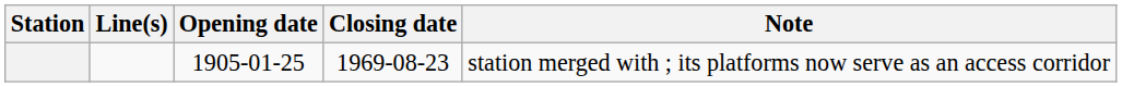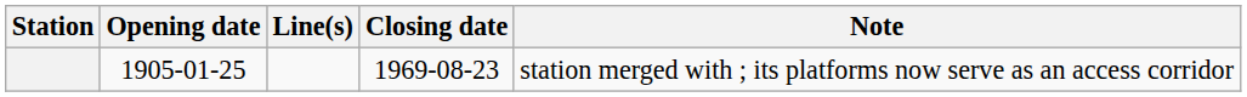 <table class="wikitable sortable">
 <tr>
 <th scope=col>Station</th>
+<th scope=col>Opening date</th>
 <th scope=col>Line(s)</th>
-<th scope=col>Opening date</th>
 <th scope=col>Closing date</th>
 <th scope=col>Note</th>
 </tr>
 <tr>
 <th scope="row" align=left></th>
+<td align=center>1905-01-25</td>
 <td align=center></td>
-<td align=center>1905-01-25</td>
 <td align=center>1969-08-23</td>
 <td align=center>station merged with ; its platforms now serve as an access corridor</td>
 </tr>
 </table>
